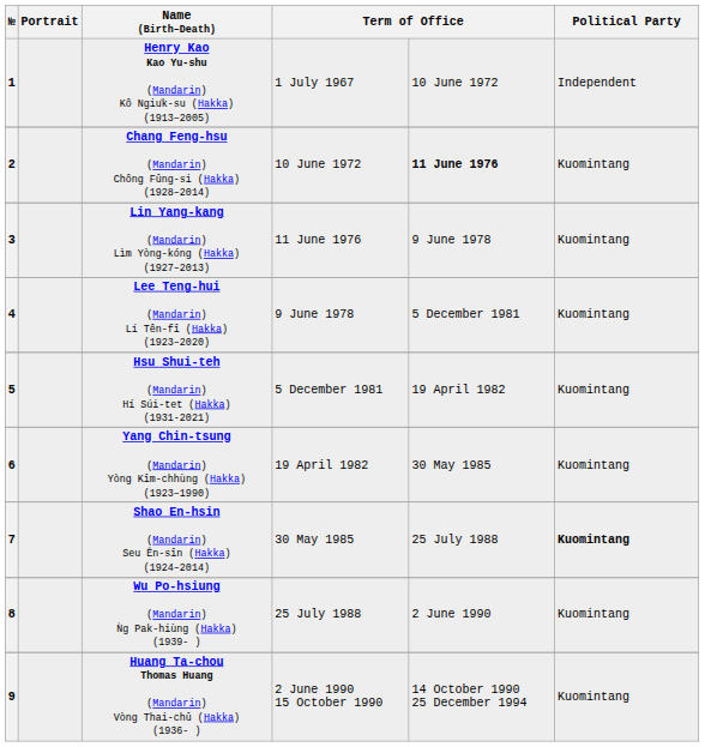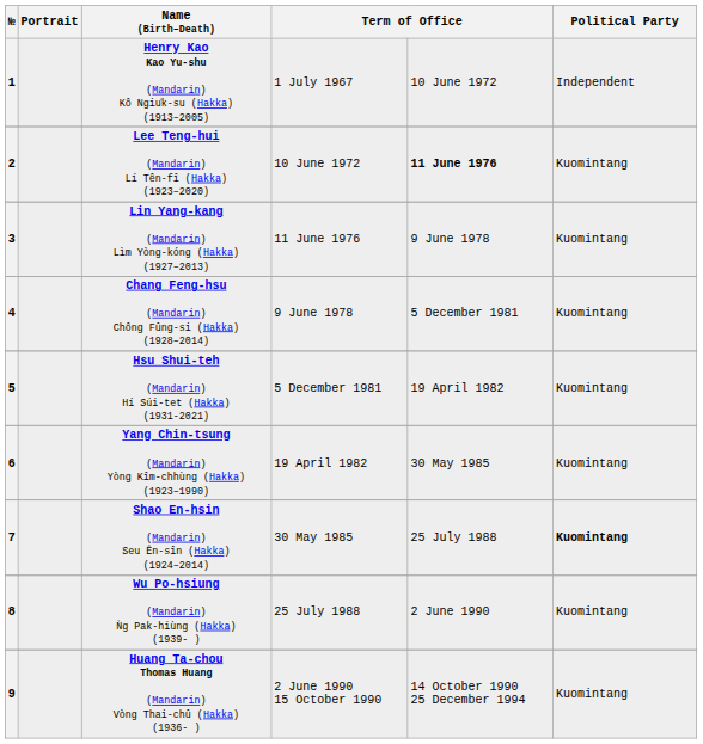 <table class=wikitable>
 <tr>
 <th>№</th>
 <th>Portrait</th>
 <th width="200">Name<br><small>(Birth–Death)</small></th>
 <th colspan=2 width="300">Term of Office</th>
 <th width="150">Political Party</th>
 </tr>
 <tr - bgcolor=#EEEEEE>
 <th style="background:">1</th>
 <td></td>
 <td align=center><strong><a href='#'>Henry Kao</a></strong> <br><small><strong>Kao Yu-shu</strong></small><br><br><small> (<a href='#'>Mandarin</a>)<br>Kô Ngiu̍k-su (<a href='#'>Hakka</a>)<br>(1913–2005)</small></td>
 <td>1 July 1967</td>
 <td>10 June 1972</td>
 <td>Independent</td>
 </tr>
 <tr ->
 </tr>
 <tr - bgcolor=#EEEEEE>
 <th style="background:">2</th>
 <td></td>
-<td align=center><strong><a href='#'>Chang Feng-hsu</a> </strong> <br><br><small> (<a href='#'>Mandarin</a>)<br>Chông Fûng-si (<a href='#'>Hakka</a>)<br>(1928–2014)</small></td>
+<td align=center><strong><a href='#'>Lee Teng-hui</a></strong><br><br><small> (<a href='#'>Mandarin</a>)<br>Lí Tên-fî (<a href='#'>Hakka</a>)<br>(1923–2020)</small></td>
 <td>10 June 1972</td>
 <td><strong>11 June 1976</strong></td>
 <td>Kuomintang</td>
 </tr>
 <tr ->
 </tr>
 <tr - bgcolor=#EEEEEE>
 <th style="background:">3</th>
 <td></td>
 <td align=center><strong><a href='#'>Lin Yang-kang</a> </strong> <br><br><small> (<a href='#'>Mandarin</a>)<br>Lìm Yòng-kóng (<a href='#'>Hakka</a>)<br>(1927–2013)</small></td>
 <td>11 June 1976</td>
 <td>9 June 1978</td>
 <td>Kuomintang</td>
 </tr>
 <tr ->
 </tr>
 <tr - bgcolor=#EEEEEE>
 <th style="background:">4</th>
 <td></td>
-<td align=center><strong><a href='#'>Lee Teng-hui</a></strong><br><br><small> (<a href='#'>Mandarin</a>)<br>Lí Tên-fî (<a href='#'>Hakka</a>)<br>(1923–2020)</small></td>
+<td align=center><strong><a href='#'>Chang Feng-hsu</a> </strong> <br><br><small> (<a href='#'>Mandarin</a>)<br>Chông Fûng-si (<a href='#'>Hakka</a>)<br>(1928–2014)</small></td>
 <td>9 June 1978</td>
 <td>5 December 1981</td>
 <td>Kuomintang</td>
 </tr>
 <tr ->
 </tr>
 <tr - bgcolor=#EEEEEE>
 <th style="background:">5</th>
 <td></td>
 <td align=center><strong><a href='#'>Hsu Shui-teh</a></strong><br><br><small> (<a href='#'>Mandarin</a>)<br>Hí Súi-tet (<a href='#'>Hakka</a>)<br>(1931-2021)</small></td>
 <td>5 December 1981</td>
 <td>19 April 1982</td>
 <td>Kuomintang</td>
 </tr>
 <tr ->
 </tr>
 <tr - bgcolor=#EEEEEE>
 <th style="background:">6</th>
 <td></td>
 <td align=center><strong><a href='#'>Yang Chin-tsung</a></strong><br><br><small> (<a href='#'>Mandarin</a>)<br>Yòng Kîm-chhùng (<a href='#'>Hakka</a>)<br>(1923–1990)</small></td>
 <td>19 April 1982</td>
 <td>30 May 1985</td>
 <td>Kuomintang</td>
 </tr>
 <tr ->
 </tr>
 <tr - bgcolor=#EEEEEE>
 <th style="background:">7</th>
 <td></td>
 <td align=center><strong><a href='#'>Shao En-hsin</a></strong><br><br><small> (<a href='#'>Mandarin</a>)<br>Seu Ên-sîn (<a href='#'>Hakka</a>)<br>(1924–2014)</small></td>
 <td>30 May 1985</td>
 <td>25 July 1988</td>
 <td><strong>Kuomintang</strong></td>
 </tr>
 <tr ->
 </tr>
 <tr - bgcolor=#EEEEEE>
 <th style="background:">8</th>
 <td></td>
 <td align=center><strong><a href='#'>Wu Po-hsiung</a></strong><br><br><small> (<a href='#'>Mandarin</a>)<br>Ǹg Pak-hiùng (<a href='#'>Hakka</a>)<br>(1939- )</small></td>
 <td>25 July 1988</td>
 <td>2 June 1990</td>
 <td>Kuomintang</td>
 </tr>
 <tr ->
 </tr>
 <tr - bgcolor=#EEEEEE>
 <th style="background:">9</th>
 <td></td>
 <td align="center"><strong><a href='#'>Huang Ta-chou</a></strong><br><small><strong>Thomas Huang</strong></small> <br><br><small> (<a href='#'>Mandarin</a>)<br>Vòng Thai-chû (<a href='#'>Hakka</a>)<br>(1936- )</small></td>
 <td>2 June 1990<br>15 October 1990</td>
 <td>14 October 1990<br>25 December 1994</td>
 <td>Kuomintang</td>
 </tr>
 </table>
